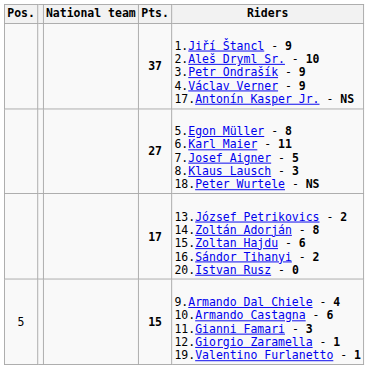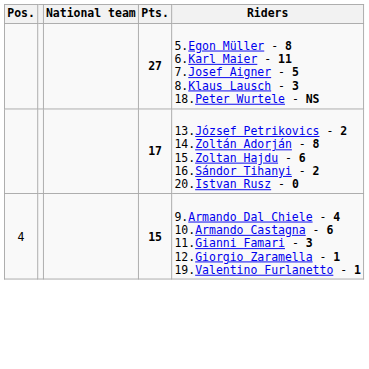 <table class=wikitable style="font-size:93%;">
 <tr>
 <th>Pos.</th>
 <th></th>
 <th>National team</th>
 <th>Pts.</th>
 <th>Riders</th>
-</tr>
-<tr align=center >
-<td></td>
-<td></td>
-<td align=left></td>
-<td><strong>37</strong></td>
-<td align=left><br>1.<a href='#'>Jiří Štancl</a> - <strong>9</strong> <br> 2.<a href='#'>Aleš Dryml Sr.</a> - <strong>10</strong> <br> 3.<a href='#'>Petr Ondrašík</a> - <strong>9</strong> <br> 4.<a href='#'>Václav Verner</a> - <strong>9</strong> <br> 17.<a href='#'>Antonín Kasper Jr.</a> - <strong>NS</strong> <br></td>
 </tr>
 <tr align=center >
 <td></td>
 <td></td>
 <td align=left></td>
 <td><strong>27</strong></td>
 <td align=left><br>5.<a href='#'>Egon Müller</a> - <strong>8</strong> <br> 6.<a href='#'>Karl Maier</a> - <strong>11</strong> <br> 7.<a href='#'>Josef Aigner</a> - <strong>5</strong> <br> 8.<a href='#'>Klaus Lausch</a> - <strong>3</strong> <br> 18.<a href='#'>Peter Wurtele</a> - <strong>NS</strong> <br></td>
 </tr>
 <tr align=center >
 <td></td>
 <td></td>
 <td align=left></td>
 <td><strong>17</strong></td>
 <td align=left><br>13.<a href='#'>József Petrikovics</a> - <strong>2</strong> <br> 14.<a href='#'>Zoltán Adorján</a> - <strong>8</strong> <br> 15.<a href='#'>Zoltan Hajdu</a> - <strong>6</strong> <br> 16.<a href='#'>Sándor Tihanyi</a> - <strong>2</strong> <br> 20.<a href='#'>Istvan Rusz</a> - <strong>0</strong> <br></td>
 </tr>
 <tr align=center>
-<td>5</td>
+<td>4</td>
 <td></td>
 <td align=left></td>
 <td><strong>15</strong></td>
 <td align=left><br>9.<a href='#'>Armando Dal Chiele</a> - <strong>4</strong> <br> 10.<a href='#'>Armando Castagna</a> - <strong>6</strong> <br> 11.<a href='#'>Gianni Famari</a> - <strong>3</strong> <br> 12.<a href='#'>Giorgio Zaramella</a> - <strong>1</strong> <br> 19.<a href='#'>Valentino Furlanetto</a> - <strong>1</strong> <br></td>
 </tr>
 </table>
